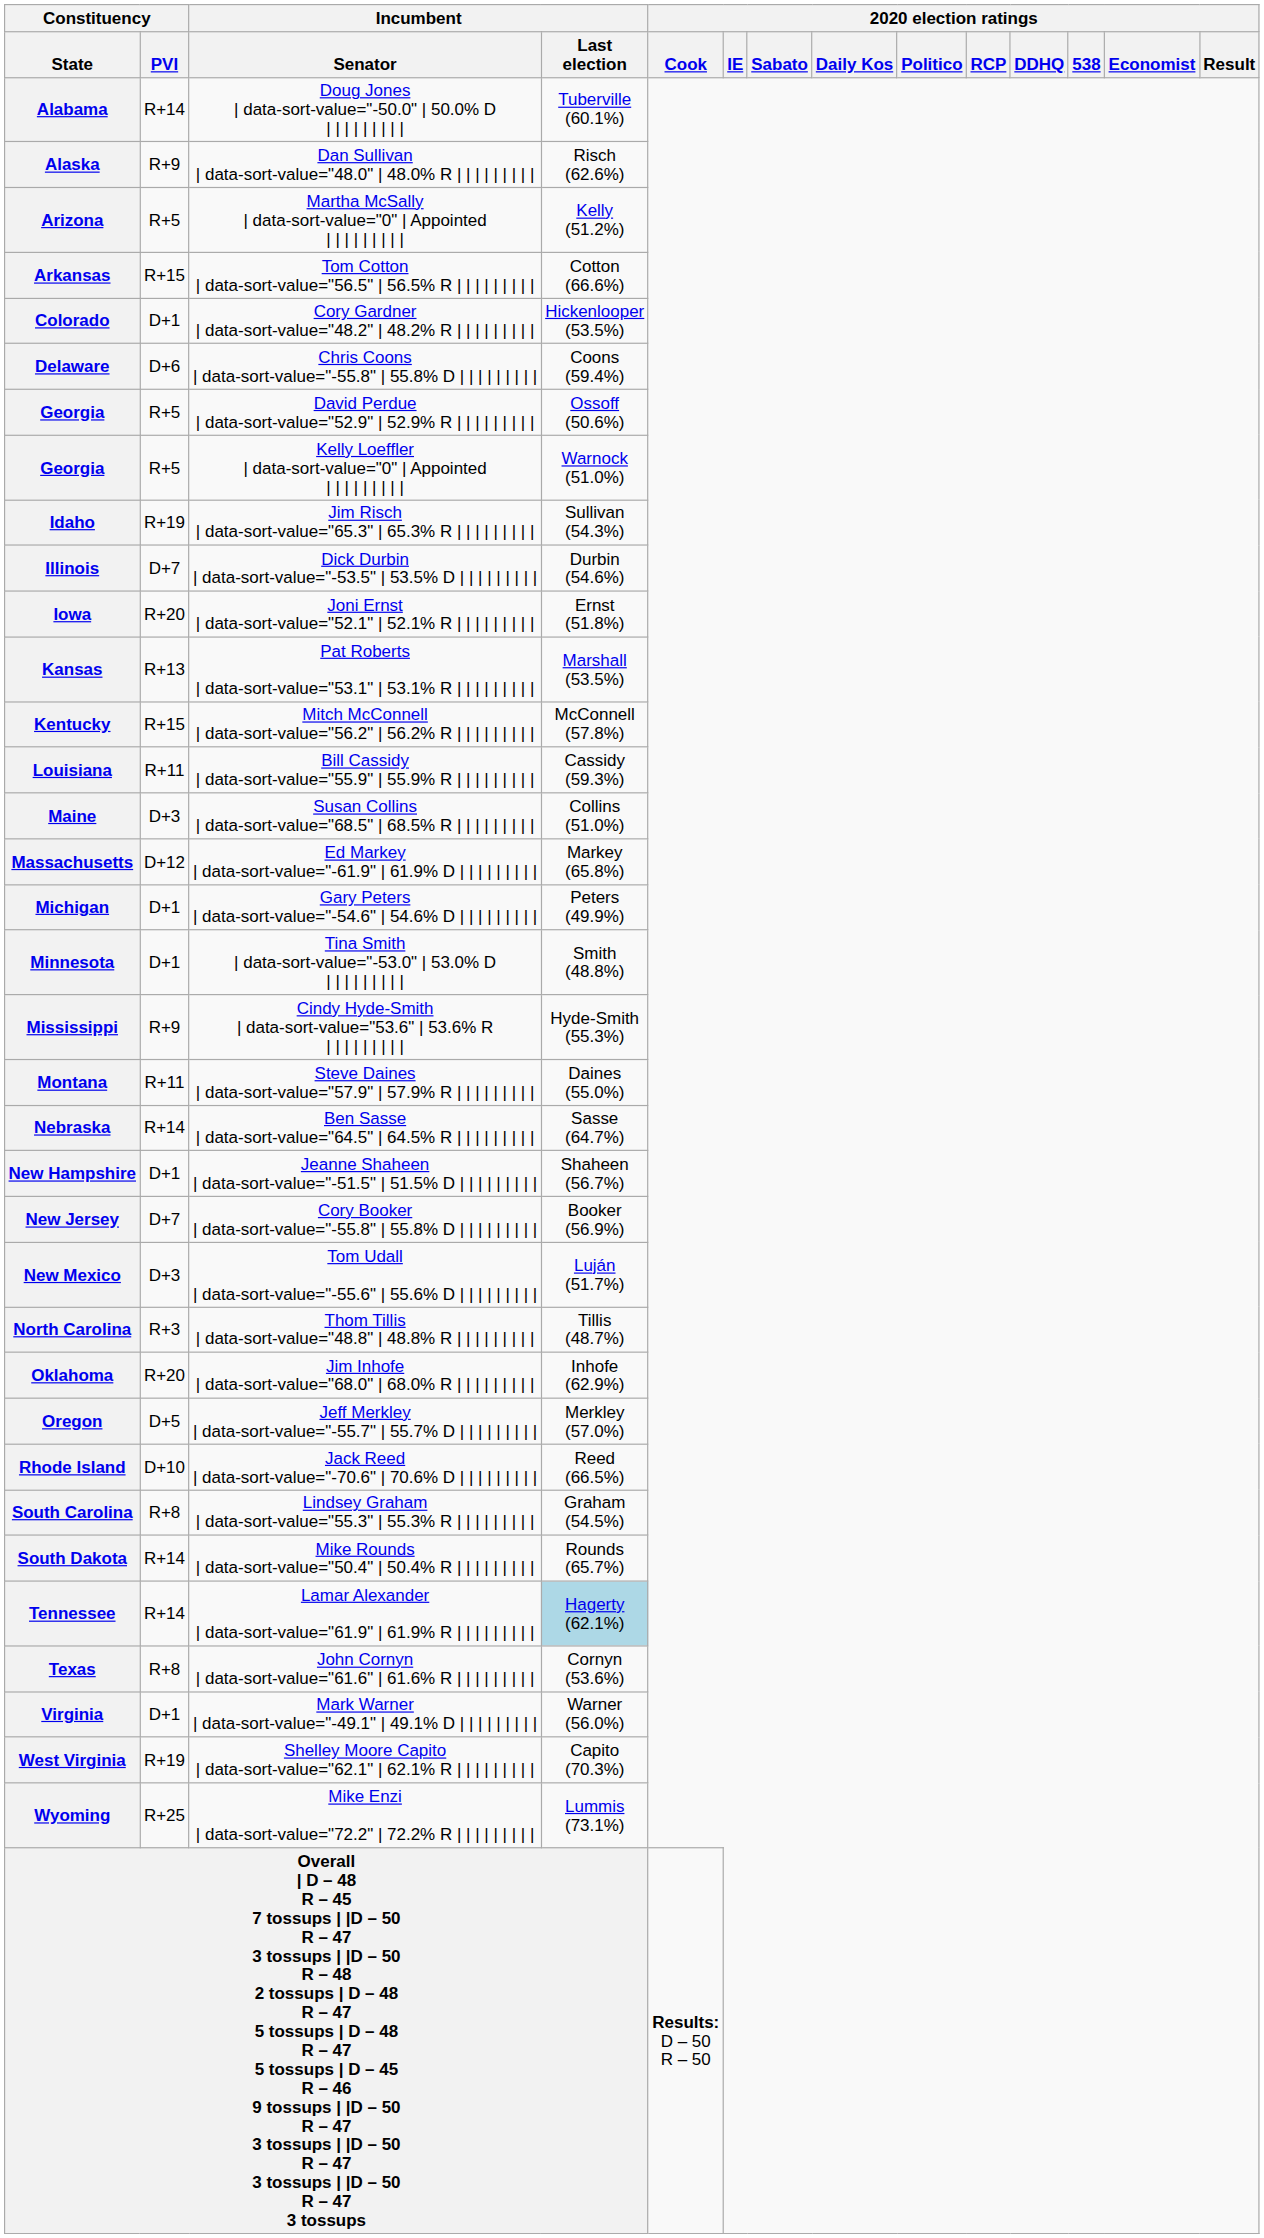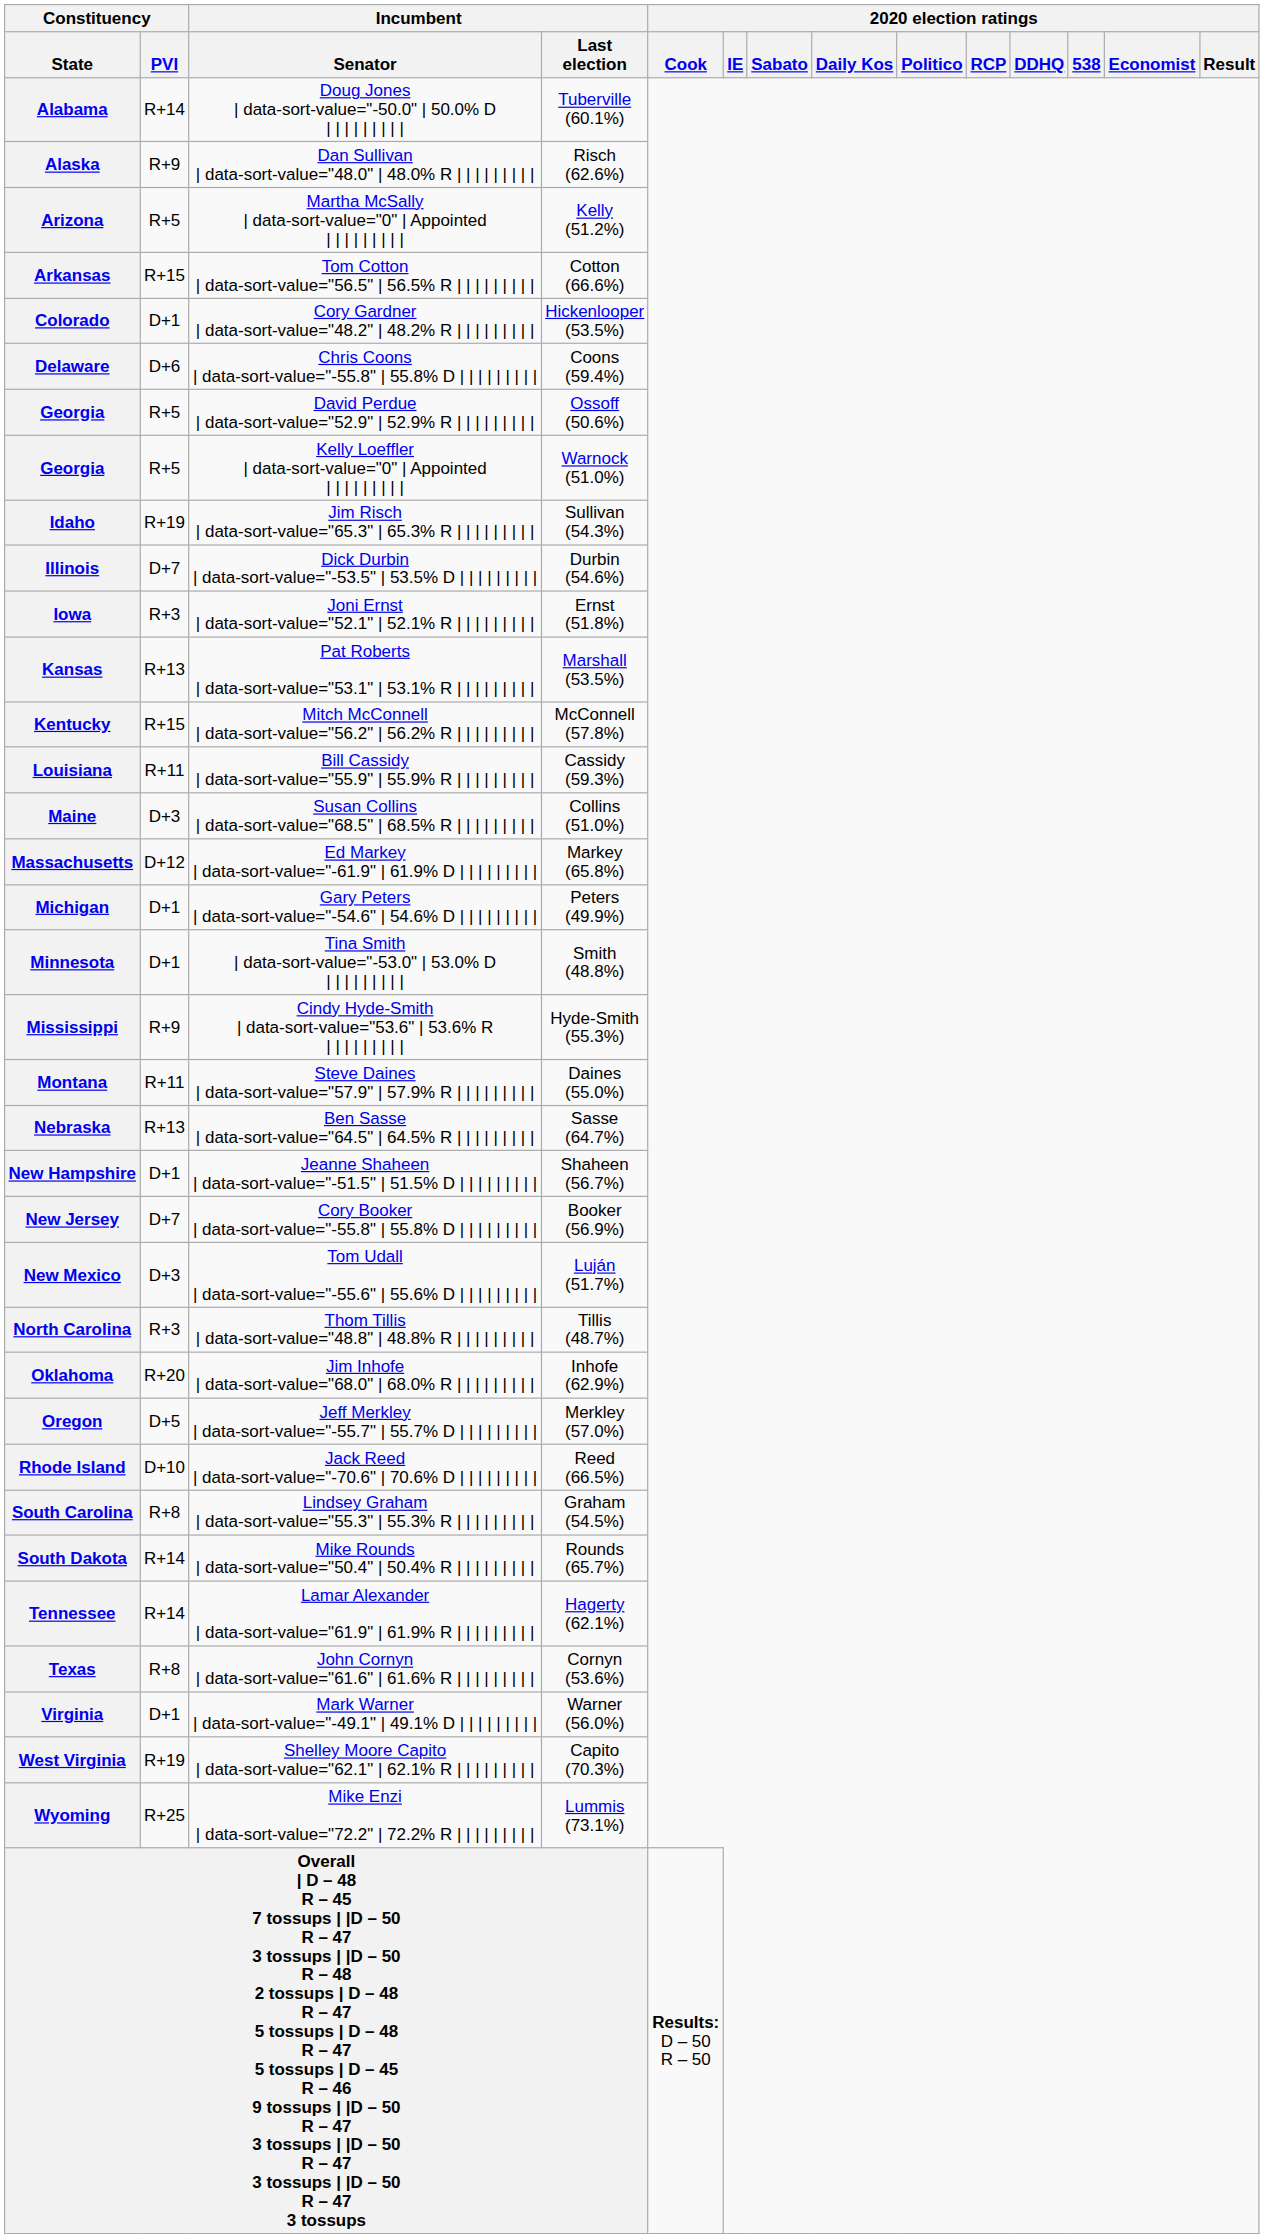 <table class="wikitable sortable" style="text-align:center; font-size:90%">
 <tr style="vertical-align:bottom">
 <th colspan=2>Constituency</th>
 <th colspan=2>Incumbent</th>
 <th colspan="11">2020 election ratings</th>
 </tr>
 <tr style="vertical-align:bottom">
 <th>State</th>
 <th><a href='#'>PVI</a></th>
 <th>Senator</th>
 <th data-sort-type="number">Last<br>election</th>
 <th><a href='#'>Cook</a><br></th>
 <th><a href='#'>IE</a><br></th>
 <th><a href='#'>Sabato</a><br></th>
 <th><a href='#'>Daily Kos</a><br></th>
 <th><a href='#'>Politico</a><br></th>
 <th><a href='#'>RCP</a><br></th>
 <th><a href='#'>DDHQ</a><br></th>
 <th><a href='#'>538</a><br></th>
 <th><a href='#'>Economist</a><br></th>
 <th>Result</th>
 </tr>
 <tr>
 <th><a href='#'>Alabama</a></th>
 <td>R+14</td>
 <td><a href='#'>Doug Jones</a><br>|  data-sort-value="-50.0" | 50.0% D<br> |   |  |  |  |  |  |  |  | </td>
 <td><a href='#'>Tuberville</a><br>(60.1%) </td>
 </tr>
 <tr>
 <th><a href='#'>Alaska</a></th>
 <td>R+9</td>
 <td><a href='#'>Dan Sullivan</a><br>|  data-sort-value="48.0" | 48.0% R |   |  |  |  |  |  |  |  | </td>
 <td>Risch<br>(62.6%)</td>
 </tr>
 <tr>
 <th><a href='#'>Arizona</a><br></th>
 <td>R+5</td>
 <td><a href='#'>Martha McSally</a><br>|  data-sort-value="0" | Appointed<br> |   |  |  |  |  |  |  |  | </td>
 <td><a href='#'>Kelly</a><br>(51.2%) </td>
 </tr>
 <tr>
 <th><a href='#'>Arkansas</a></th>
 <td>R+15</td>
 <td><a href='#'>Tom Cotton</a><br>|  data-sort-value="56.5" | 56.5% R |   |  |  |  |  |  |  |  | </td>
 <td>Cotton<br>(66.6%)</td>
 </tr>
 <tr>
 <th><a href='#'>Colorado</a></th>
 <td>D+1</td>
 <td><a href='#'>Cory Gardner</a><br>|  data-sort-value="48.2" | 48.2% R |   |  |  |  |  |  |  |  | </td>
 <td><a href='#'>Hickenlooper</a><br>(53.5%) </td>
 </tr>
 <tr>
 <th><a href='#'>Delaware</a></th>
 <td>D+6</td>
 <td><a href='#'>Chris Coons</a><br>|  data-sort-value="-55.8" | 55.8% D |   |  |  |  |  |  |  |  | </td>
 <td>Coons<br>(59.4%)</td>
 </tr>
 <tr>
 <th><a href='#'>Georgia</a><br></th>
 <td>R+5</td>
 <td><a href='#'>David Perdue</a><br>|  data-sort-value="52.9" | 52.9% R |   |  |  |  |  |  |  |  | </td>
 <td><a href='#'>Ossoff</a><br>(50.6%) </td>
 </tr>
 <tr>
 <th><a href='#'>Georgia</a><br></th>
 <td>R+5</td>
 <td><a href='#'>Kelly Loeffler</a><br>|  data-sort-value="0" | Appointed<br> |   |  |  |  |  |  |  |  | </td>
 <td><a href='#'>Warnock</a><br>(51.0%) </td>
 </tr>
 <tr>
 <th><a href='#'>Idaho</a></th>
 <td>R+19</td>
 <td><a href='#'>Jim Risch</a><br>|  data-sort-value="65.3" | 65.3% R |   |  |  |  |  |  |  |  | </td>
 <td>Sullivan<br>(54.3%)</td>
 </tr>
 <tr>
 <th><a href='#'>Illinois</a></th>
 <td>D+7</td>
 <td><a href='#'>Dick Durbin</a><br>|  data-sort-value="-53.5" | 53.5% D |   |  |  |  |  |  |  |  | </td>
 <td>Durbin<br>(54.6%)</td>
 </tr>
 <tr>
 <th><a href='#'>Iowa</a></th>
-<td>R+20</td>
+<td>R+3</td>
 <td><a href='#'>Joni Ernst</a><br>|  data-sort-value="52.1" | 52.1% R |   |  |  |  |  |  |  |  | </td>
 <td>Ernst<br>(51.8%)</td>
 </tr>
 <tr>
 <th><a href='#'>Kansas</a></th>
 <td>R+13</td>
 <td><a href='#'>Pat Roberts</a><br><br>|  data-sort-value="53.1" | 53.1% R |   |  |  |  |  |  |  |  | </td>
 <td><a href='#'>Marshall</a><br>(53.5%)</td>
 </tr>
 <tr>
 <th><a href='#'>Kentucky</a></th>
 <td>R+15</td>
 <td><a href='#'>Mitch McConnell</a><br>|  data-sort-value="56.2" | 56.2% R |   |  |  |  |  |  |  |  | </td>
 <td>McConnell<br>(57.8%)</td>
 </tr>
 <tr>
 <th><a href='#'>Louisiana</a></th>
 <td>R+11</td>
 <td><a href='#'>Bill Cassidy</a><br>|  data-sort-value="55.9" | 55.9% R |   |  |  |  |  |  |  |  | </td>
 <td>Cassidy<br>(59.3%)</td>
 </tr>
 <tr>
 <th><a href='#'>Maine</a></th>
 <td>D+3</td>
 <td><a href='#'>Susan Collins</a><br>|  data-sort-value="68.5" | 68.5% R |   |  |  |  |  |  |  |  | </td>
 <td>Collins<br>(51.0%)</td>
 </tr>
 <tr>
 <th><a href='#'>Massachusetts</a></th>
 <td>D+12</td>
 <td><a href='#'>Ed Markey</a><br>|  data-sort-value="-61.9" | 61.9% D |   |  |  |  |  |  |  |  | </td>
 <td>Markey<br>(65.8%)</td>
 </tr>
 <tr>
 <th><a href='#'>Michigan</a></th>
 <td>D+1</td>
 <td><a href='#'>Gary Peters</a><br>|  data-sort-value="-54.6" | 54.6% D |   |  |  |  |  |  |  |  | </td>
 <td>Peters<br>(49.9%)</td>
 </tr>
 <tr>
 <th><a href='#'>Minnesota</a></th>
 <td>D+1</td>
 <td><a href='#'>Tina Smith</a><br>|  data-sort-value="-53.0" | 53.0% D<br> |   |  |  |  |  |  |  |  | </td>
 <td>Smith<br>(48.8%)</td>
 </tr>
 <tr>
 <th><a href='#'>Mississippi</a></th>
 <td>R+9</td>
 <td><a href='#'>Cindy Hyde-Smith</a><br>|  data-sort-value="53.6" | 53.6% R<br> |   |  |  |  |  |  |  |  | </td>
 <td>Hyde-Smith<br>(55.3%)</td>
 </tr>
 <tr>
 <th><a href='#'>Montana</a></th>
 <td>R+11</td>
 <td><a href='#'>Steve Daines</a><br>|  data-sort-value="57.9" | 57.9% R |   |  |  |  |  |  |  |  | </td>
 <td>Daines<br>(55.0%)</td>
 </tr>
 <tr>
 <th><a href='#'>Nebraska</a></th>
-<td>R+14</td>
+<td>R+13</td>
 <td><a href='#'>Ben Sasse</a><br>|  data-sort-value="64.5" | 64.5% R |   |  |  |  |  |  |  |  | </td>
 <td>Sasse<br>(64.7%)</td>
 </tr>
 <tr>
 <th><a href='#'>New Hampshire</a></th>
 <td>D+1</td>
 <td><a href='#'>Jeanne Shaheen</a><br>|  data-sort-value="-51.5" | 51.5% D |   |  |  |  |  |  |  |  | </td>
 <td>Shaheen<br>(56.7%)</td>
 </tr>
 <tr>
 <th><a href='#'>New Jersey</a></th>
 <td>D+7</td>
 <td><a href='#'>Cory Booker</a><br>|  data-sort-value="-55.8" | 55.8% D |   |  |  |  |  |  |  |  | </td>
 <td>Booker<br>(56.9%)</td>
 </tr>
 <tr>
 <th><a href='#'>New Mexico</a></th>
 <td>D+3</td>
 <td><a href='#'>Tom Udall</a><br><br>|  data-sort-value="-55.6" | 55.6% D |   |  |  |  |  |  |  |  | </td>
 <td><a href='#'>Luján</a><br>(51.7%)</td>
 </tr>
 <tr>
 <th><a href='#'>North Carolina</a></th>
 <td>R+3</td>
 <td><a href='#'>Thom Tillis</a><br>|  data-sort-value="48.8" | 48.8% R |   |  |  |  |  |  |  |  | </td>
 <td>Tillis<br>(48.7%)</td>
 </tr>
 <tr>
 <th><a href='#'>Oklahoma</a></th>
 <td>R+20</td>
 <td><a href='#'>Jim Inhofe</a><br>|  data-sort-value="68.0" | 68.0% R |   |  |  |  |  |  |  |  | </td>
 <td>Inhofe<br>(62.9%)</td>
 </tr>
 <tr>
 <th><a href='#'>Oregon</a></th>
 <td>D+5</td>
 <td><a href='#'>Jeff Merkley</a><br>|  data-sort-value="-55.7" | 55.7% D |   |  |  |  |  |  |  |  | </td>
 <td>Merkley<br>(57.0%)</td>
 </tr>
 <tr>
 <th><a href='#'>Rhode Island</a></th>
 <td>D+10</td>
 <td><a href='#'>Jack Reed</a><br>|  data-sort-value="-70.6" | 70.6% D |   |  |  |  |  |  |  |  | </td>
 <td>Reed<br>(66.5%)</td>
 </tr>
 <tr>
 <th><a href='#'>South Carolina</a></th>
 <td>R+8</td>
 <td><a href='#'>Lindsey Graham</a><br>|  data-sort-value="55.3" | 55.3% R |   |  |  |  |  |  |  |  | </td>
 <td>Graham<br>(54.5%)</td>
 </tr>
 <tr>
 <th><a href='#'>South Dakota</a></th>
 <td>R+14</td>
 <td><a href='#'>Mike Rounds</a><br>|  data-sort-value="50.4" | 50.4% R |   |  |  |  |  |  |  |  | </td>
 <td>Rounds<br>(65.7%)</td>
 </tr>
 <tr>
 <th><a href='#'>Tennessee</a></th>
 <td>R+14</td>
 <td><a href='#'>Lamar Alexander</a><br><br>|  data-sort-value="61.9" | 61.9% R |   |  |  |  |  |  |  |  | </td>
-<td style="background: lightblue;"><a href='#'>Hagerty</a><br>(62.1%)</td>
+<td><a href='#'>Hagerty</a><br>(62.1%)</td>
 </tr>
 <tr>
 <th><a href='#'>Texas</a></th>
 <td>R+8</td>
 <td><a href='#'>John Cornyn</a><br>|  data-sort-value="61.6" | 61.6% R |   |  |  |  |  |  |  |  | </td>
 <td>Cornyn<br>(53.6%)</td>
 </tr>
 <tr>
 <th><a href='#'>Virginia</a></th>
 <td>D+1</td>
 <td><a href='#'>Mark Warner</a><br>|  data-sort-value="-49.1" | 49.1% D |   |  |  |  |  |  |  |  | </td>
 <td>Warner<br>(56.0%)</td>
 </tr>
 <tr>
 <th><a href='#'>West Virginia</a></th>
 <td>R+19</td>
 <td><a href='#'>Shelley Moore Capito</a><br>|  data-sort-value="62.1" | 62.1% R |   |  |  |  |  |  |  |  | </td>
 <td>Capito<br>(70.3%)</td>
 </tr>
 <tr>
 <th><a href='#'>Wyoming</a></th>
 <td>R+25</td>
 <td><a href='#'>Mike Enzi</a><br><br>|  data-sort-value="72.2" | 72.2% R |   |  |  |  |  |  |  |  | </td>
 <td><a href='#'>Lummis</a><br>(73.1%)</td>
 </tr>
 <tr class="sortbottom">
 <th colspan=4>Overall<br>| D – 48<br>R – 45<br>7 tossups |  |D – 50<br>R – 47<br>3 tossups |  |D – 50<br>R – 48<br>2 tossups | D – 48<br>R – 47<br>5 tossups | D – 48<br>R – 47<br>5 tossups | D – 45<br>R – 46<br>9 tossups |  |D – 50<br>R – 47<br>3 tossups |  |D – 50<br>R – 47<br>3 tossups |  |D – 50<br>R – 47<br>3 tossups</th>
 <td><strong>Results:</strong><br>D – 50<br>R – 50</td>
 </tr>
 </table>
